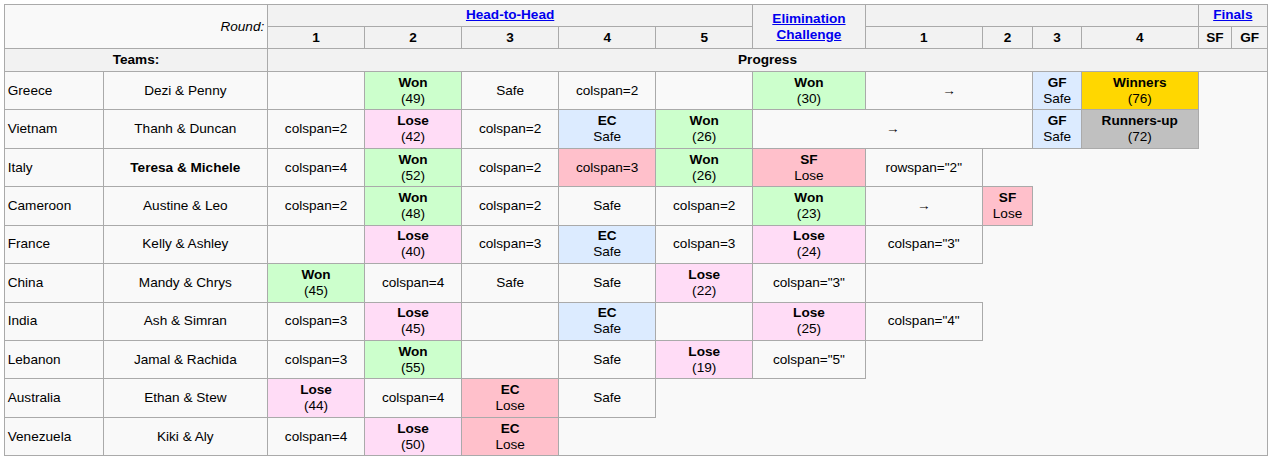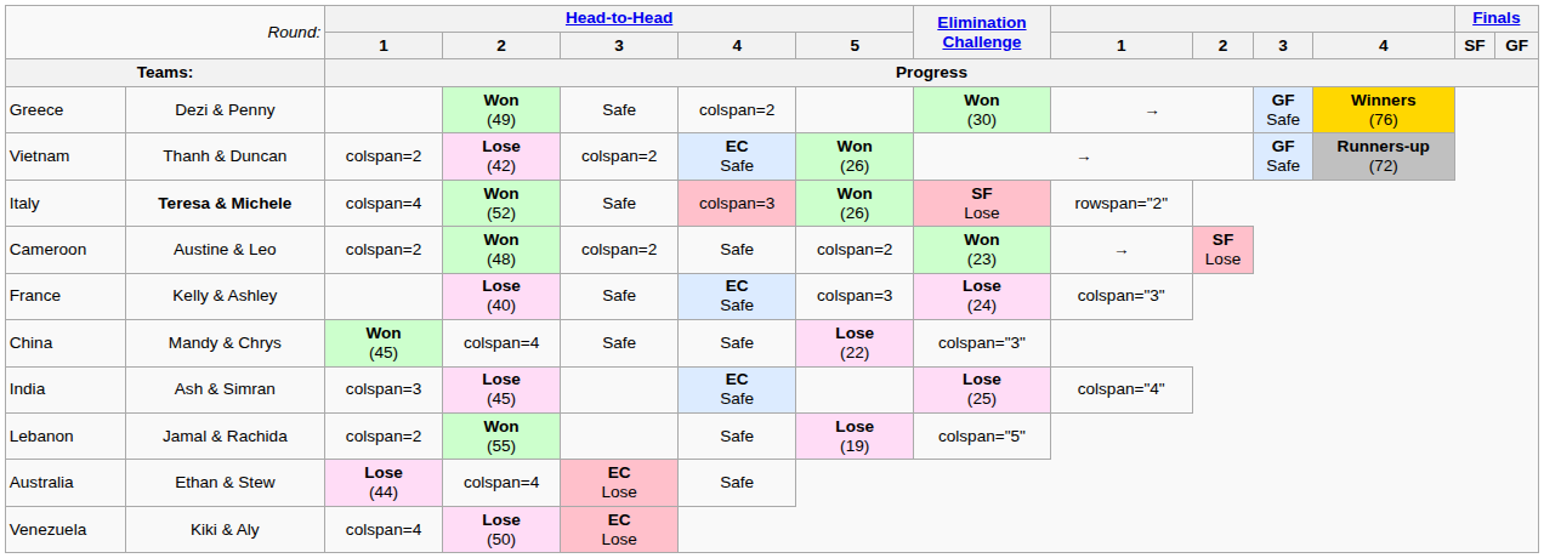 <table class="wikitable" style="width:100%; text-align:center; font-size: 85%; line-height:16px;">
 <tr>
 <td style="text-align:right;" colspan=2 rowspan=2><em>Round:</em></td>
 <th colspan=5><a href='#'>Head-to-Head</a></th>
 <th rowspan=2><a href='#'>Elimination<br>Challenge</a></th>
 <th colspan=4></th>
 <th Colspan=2><a href='#'>Finals</a></th>
 </tr>
 <tr>
 <th>1</th>
 <th>2</th>
 <th>3</th>
 <th>4</th>
 <th>5</th>
 <th>1</th>
 <th>2</th>
 <th>3</th>
 <th>4</th>
 <th>SF</th>
 <th>GF</th>
 </tr>
 <tr>
 <th colspan="2">Teams:</th>
 <th colspan=12>Progress</th>
 </tr>
 <tr>
 <td align=left>Greece</td>
 <td>Dezi & Penny</td>
 <td></td>
 <td style="background:#cfc;"><strong>Won</strong> <br>(49)</td>
 <td>Safe</td>
 <td>colspan=2 </td>
 <td></td>
 <td style="background:#cfc;"><strong>Won</strong> <br>(30)</td>
 <td colspan=2>→</td>
 <td style="background:#DCEBFF;"><strong>GF</strong><br>Safe</td>
 <td style="background:gold;"><strong>Winners</strong><br>(76)</td>
 </tr>
 <tr>
 <td align=left>Vietnam</td>
 <td>Thanh & Duncan</td>
 <td>colspan=2  </td>
 <td style="background:#ffdcf6;"><strong>Lose</strong><br>(42)</td>
 <td>colspan=2  </td>
 <td style="background:#DCEBFF;"><strong>EC</strong><br>Safe</td>
 <td style="background:#cfc;"><strong>Won</strong> <br>(26)</td>
 <td colspan=3>→</td>
 <td style="background:#DCEBFF;"><strong>GF</strong><br>Safe</td>
 <td style="background:silver;"><strong>Runners-up</strong><br>(72)</td>
 </tr>
 <tr>
 <td align=left>Italy</td>
 <td><strong>Teresa & Michele</strong></td>
 <td>colspan=4 </td>
 <td style="background:#cfc;"><strong>Won</strong> <br>(52)</td>
-<td>colspan=2  </td>
+<td>Safe</td>
 <td style="background: pink;">colspan=3 </td>
 <td style="background:#cfc;"><strong>Won</strong> <br>(26)</td>
 <td style="background:pink;"><strong>SF</strong><br>Lose</td>
 <td>rowspan="2" </td>
 </tr>
 <tr>
 <td align=left>Cameroon</td>
 <td>Austine & Leo</td>
 <td>colspan=2  </td>
 <td style="background:#cfc;"><strong>Won</strong> <br>(48)</td>
 <td>colspan=2  </td>
 <td>Safe</td>
 <td>colspan=2 </td>
 <td style="background:#cfc;"><strong>Won</strong> <br>(23)</td>
 <td>→</td>
 <td style="background:pink;"><strong>SF</strong><br>Lose</td>
 </tr>
 <tr>
 <td align=left>France</td>
 <td>Kelly & Ashley</td>
 <td></td>
 <td style="background:#ffdcf6;"><strong>Lose</strong><br>(40)</td>
-<td>colspan=3 </td>
+<td>Safe</td>
 <td style="background:#DCEBFF;"><strong>EC</strong><br>Safe</td>
 <td>colspan=3 </td>
 <td style="background:#ffdcf6;"><strong>Lose</strong><br>(24)</td>
 <td>colspan="3" </td>
 </tr>
 <tr>
 <td align=left>China</td>
 <td>Mandy & Chrys</td>
 <td style="background:#cfc;"><strong>Won</strong> <br>(45)</td>
 <td>colspan=4 </td>
 <td>Safe</td>
 <td>Safe</td>
 <td style="background:#ffdcf6;"><strong>Lose</strong><br>(22)</td>
 <td>colspan="3" </td>
 </tr>
 <tr>
 <td align=left>India</td>
 <td>Ash & Simran</td>
 <td>colspan=3 </td>
 <td style="background:#ffdcf6;"><strong>Lose</strong><br>(45)</td>
 <td></td>
 <td style="background:#DCEBFF;"><strong>EC</strong><br>Safe</td>
 <td></td>
 <td style="background:#ffdcf6;"><strong>Lose</strong><br>(25)</td>
 <td>colspan="4" </td>
 </tr>
 <tr>
 <td align=left>Lebanon</td>
 <td>Jamal & Rachida</td>
-<td>colspan=3 </td>
+<td>colspan=2  </td>
 <td style="background:#cfc;"><strong>Won</strong> <br>(55)</td>
 <td></td>
 <td>Safe</td>
 <td style="background:#ffdcf6;"><strong>Lose</strong><br>(19)</td>
 <td>colspan="5" </td>
 </tr>
 <tr>
 <td align=left>Australia</td>
 <td>Ethan & Stew</td>
 <td style="background:#ffdcf6;"><strong>Lose</strong><br>(44)</td>
 <td>colspan=4 </td>
 <td style="background:pink;"><strong>EC</strong><br>Lose</td>
 <td>Safe</td>
 </tr>
 <tr>
 <td align=left>Venezuela</td>
 <td>Kiki & Aly</td>
 <td>colspan=4 </td>
 <td style="background:#ffdcf6;"><strong>Lose</strong><br>(50)</td>
 <td style="background:pink;"><strong>EC</strong><br>Lose</td>
 </tr>
 </table>
